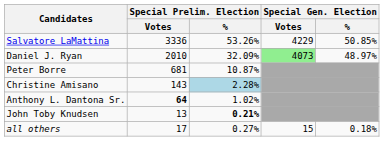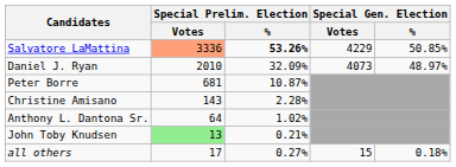 <table class=wikitable>
 <tr>
 <th colspan=1 rowspan=2><strong>Candidates</strong></th>
 <th colspan=2><strong>Special Prelim. Election</strong></th>
 <th colspan=2><strong>Special Gen. Election</strong></th>
 </tr>
 <tr>
 <th>Votes</th>
 <th>%</th>
 <th>Votes</th>
 <th>%</th>
 </tr>
 <tr>
 <td><a href='#'>Salvatore LaMattina</a></td>
-<td align="right">3336</td>
-<td align="right">53.26%</td>
+<td align="right" style="background: lightsalmon;">3336</td>
+<td align="right"><strong>53.26%</strong></td>
 <td align="right">4229</td>
 <td align="right">50.85%</td>
 </tr>
 <tr>
 <td>Daniel J. Ryan</td>
 <td align="right">2010</td>
 <td align="right">32.09%</td>
-<td align="right" style="background: lightgreen;">4073</td>
+<td align="right">4073</td>
 <td align="right">48.97%</td>
 </tr>
 <tr>
 <td>Peter Borre</td>
 <td align="right">681</td>
 <td align="right">10.87%</td>
 <td colspan=2 bgcolor=darkgray> </td>
 </tr>
 <tr>
 <td>Christine Amisano</td>
 <td align="right">143</td>
-<td align="right" style="background: lightblue;">2.28%</td>
+<td align="right">2.28%</td>
 <td colspan=2 bgcolor=darkgray> </td>
 </tr>
 <tr>
 <td>Anthony L. Dantona Sr.</td>
-<td align="right"><strong>64</strong></td>
+<td align="right">64</td>
 <td align="right">1.02%</td>
 <td colspan=2 bgcolor=darkgray> </td>
 </tr>
 <tr>
 <td>John Toby Knudsen</td>
-<td align="right">13</td>
-<td align="right"><strong>0.21%</strong></td>
+<td align="right" style="background: lightgreen;">13</td>
+<td align="right">0.21%</td>
 <td colspan=2 bgcolor=darkgray> </td>
 </tr>
 <tr>
 <td><em>all others</em></td>
 <td align="right">17</td>
 <td align="right">0.27%</td>
 <td align="right">15</td>
 <td align="right">0.18%</td>
 </tr>
 </table>
